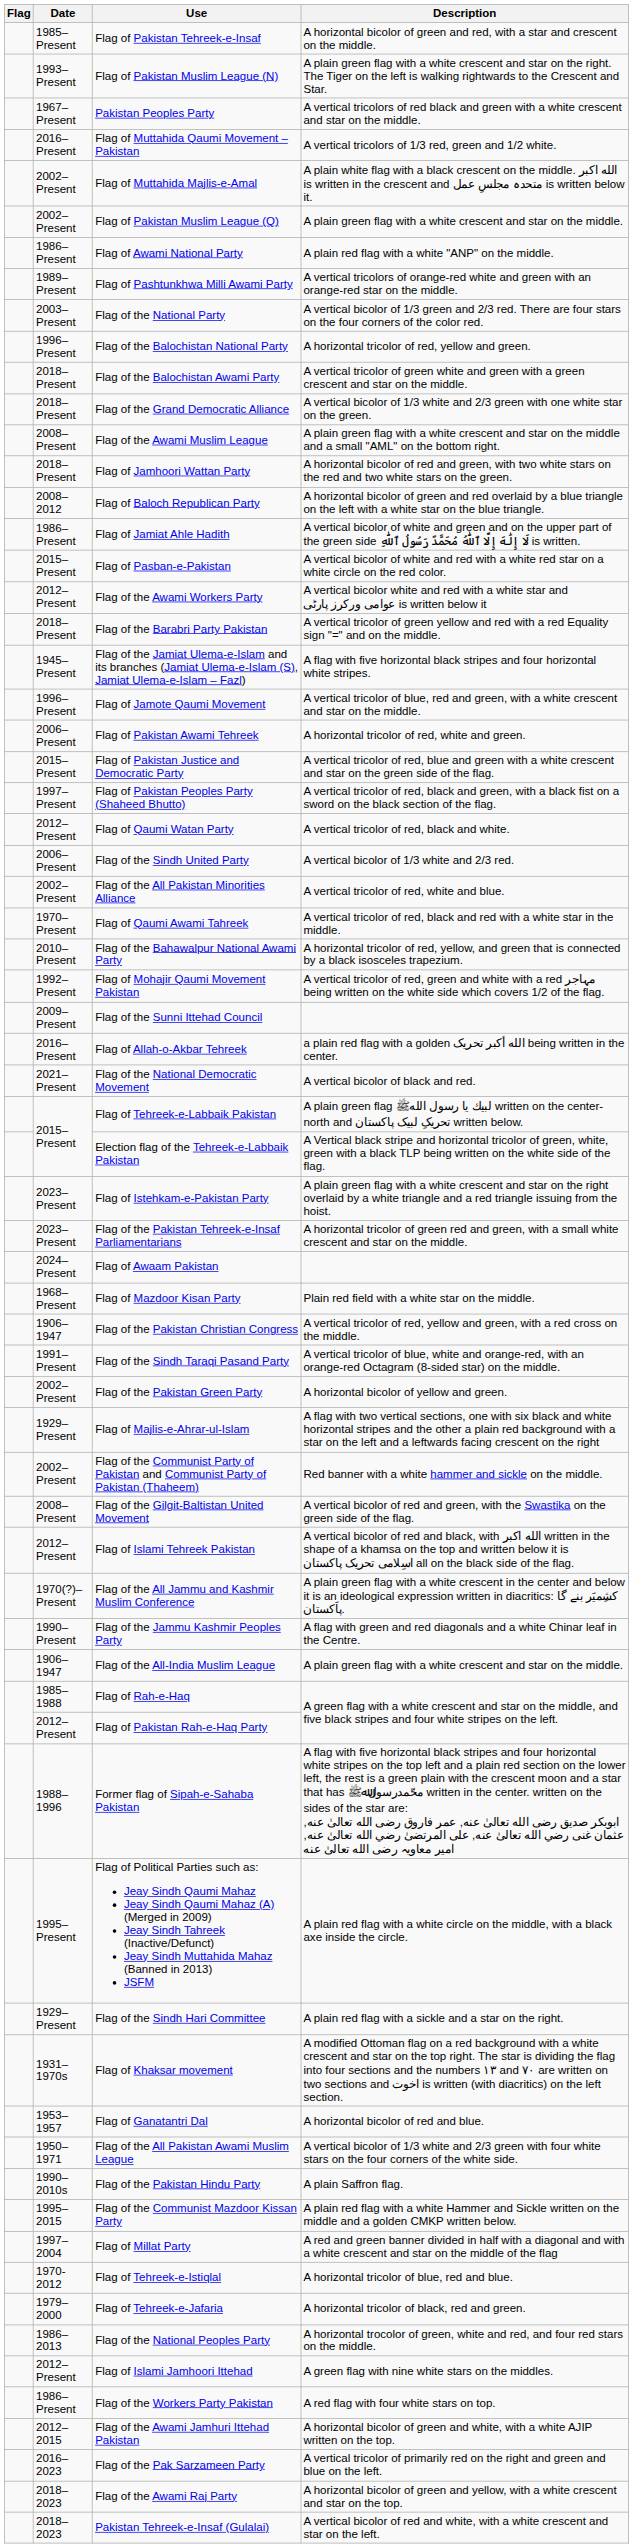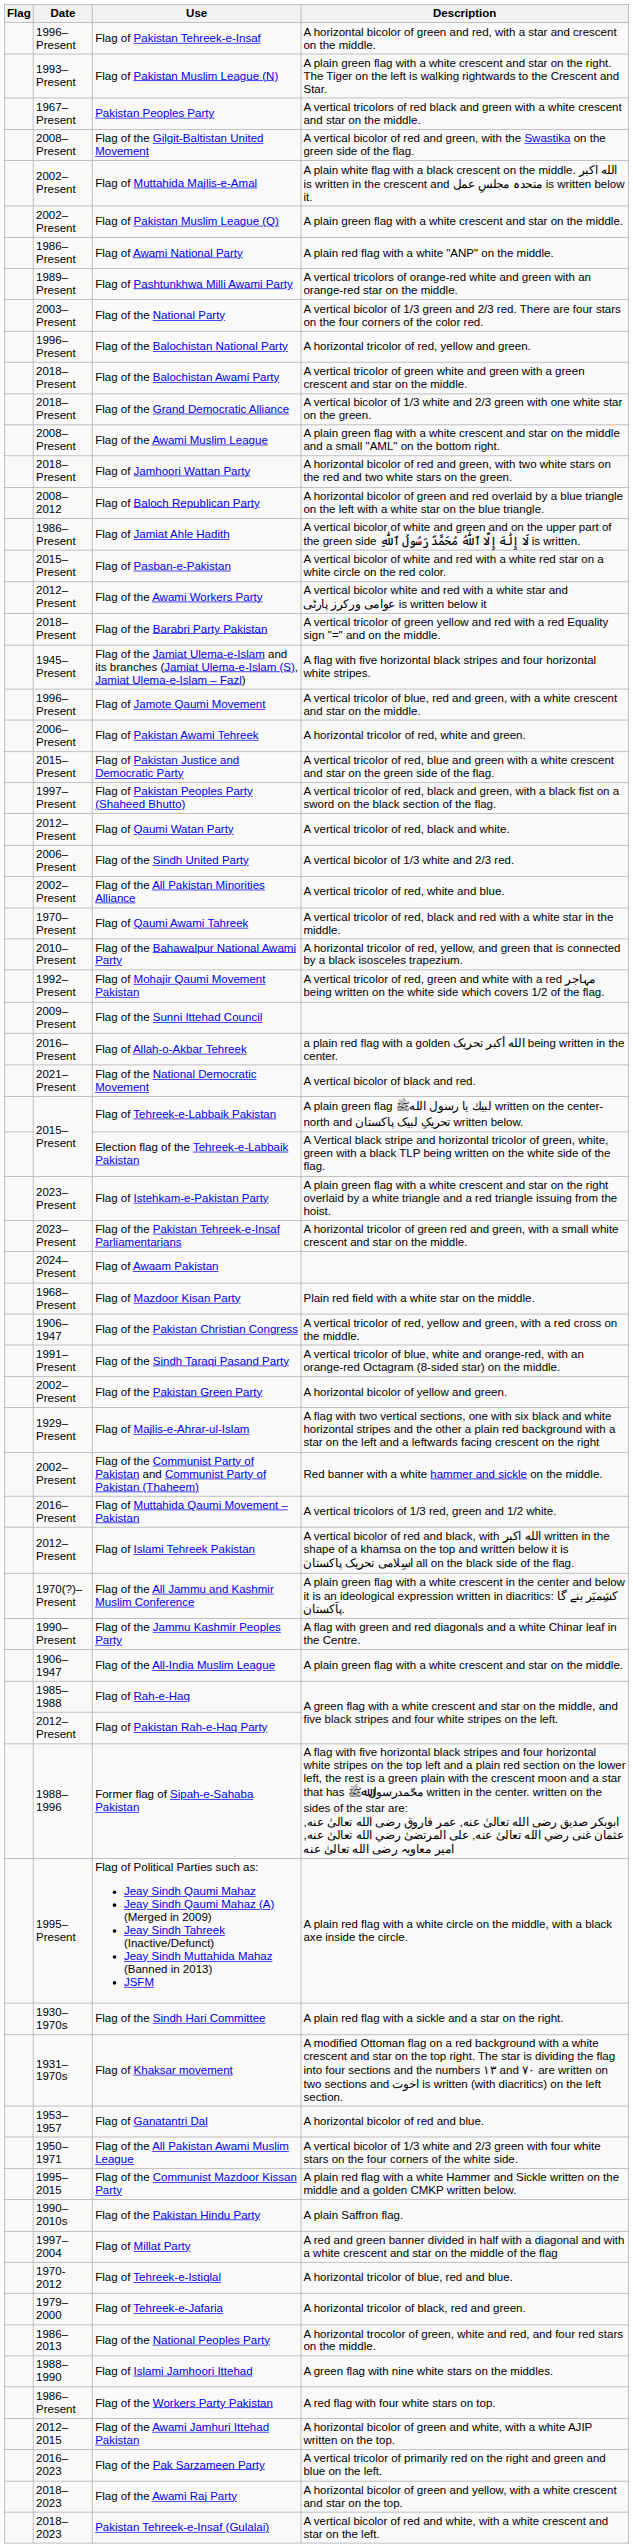 <table class="wikitable sortable">
 <tr>
 <th>Flag</th>
 <th>Date</th>
 <th>Use</th>
 <th>Description</th>
 </tr>
 <tr>
 <td></td>
-<td>1985–Present</td>
+<td>1996–Present</td>
 <td>Flag of <a href='#'>Pakistan Tehreek-e-Insaf</a></td>
 <td>A horizontal bicolor of green and red, with a star and crescent on the middle.</td>
 </tr>
 <tr>
 <td></td>
 <td>1993–Present</td>
 <td>Flag of <a href='#'>Pakistan Muslim League (N)</a></td>
 <td>A plain green flag with a white crescent and star on the right. The Tiger on the left is walking rightwards to the Crescent and Star.</td>
 </tr>
 <tr>
 <td></td>
 <td>1967–Present</td>
 <td><a href='#'>Pakistan Peoples Party</a></td>
 <td>A vertical tricolors of red black and green with a white crescent and star on the middle.</td>
 </tr>
 <tr>
 <td></td>
-<td>2016–Present</td>
-<td>Flag of <a href='#'>Muttahida Qaumi Movement – Pakistan</a></td>
-<td>A vertical tricolors of 1/3 red, green and 1/2 white.</td>
+<td>2008–Present</td>
+<td>Flag of the <a href='#'>Gilgit-Baltistan United Movement</a></td>
+<td>A vertical bicolor of red and green, with the <a href='#'>Swastika</a> on the green side of the flag.</td>
 </tr>
 <tr>
 <td></td>
 <td>2002–Present</td>
 <td>Flag of <a href='#'>Muttahida Majlis-e-Amal</a></td>
 <td>A plain white flag with a black crescent on the middle. الله اكبر is written in the crescent and متحدہ مجلسِ عمل is written below it.</td>
 </tr>
 <tr>
 <td></td>
 <td>2002–Present</td>
 <td>Flag of <a href='#'>Pakistan Muslim League (Q)</a></td>
 <td>A plain green flag with a white crescent and star on the middle.</td>
 </tr>
 <tr>
 <td></td>
 <td>1986–Present</td>
 <td>Flag of <a href='#'>Awami National Party</a></td>
 <td>A plain red flag with a white "ANP" on the middle.</td>
 </tr>
 <tr>
 <td></td>
 <td>1989–Present</td>
 <td>Flag of <a href='#'>Pashtunkhwa Milli Awami Party</a></td>
 <td>A vertical tricolors of orange-red white and green with an orange-red star on the middle.</td>
 </tr>
 <tr>
 <td></td>
 <td>2003–Present</td>
 <td>Flag of the <a href='#'>National Party</a></td>
 <td>A vertical bicolor of 1/3 green and 2/3 red. There are four stars on the four corners of the color red.</td>
 </tr>
 <tr>
 <td></td>
 <td>1996–Present</td>
 <td>Flag of the <a href='#'>Balochistan National Party</a></td>
 <td>A horizontal tricolor of red, yellow and green.</td>
 </tr>
 <tr>
 <td></td>
 <td>2018–Present</td>
 <td>Flag of the <a href='#'>Balochistan Awami Party</a></td>
 <td>A vertical tricolor of green white and green with a green crescent and star on the middle.</td>
 </tr>
 <tr>
 <td></td>
 <td>2018–Present</td>
 <td>Flag of the <a href='#'>Grand Democratic Alliance</a></td>
 <td>A vertical bicolor of 1/3 white and 2/3 green with one white star on the green.</td>
 </tr>
 <tr>
 <td></td>
 <td>2008–Present</td>
 <td>Flag of the <a href='#'>Awami Muslim League</a></td>
 <td>A plain green flag with a white crescent and star on the middle and a small "AML" on the bottom right.</td>
 </tr>
 <tr>
 <td></td>
 <td>2018–Present</td>
 <td>Flag of <a href='#'>Jamhoori Wattan Party</a></td>
 <td>A horizontal bicolor of red and green, with two white stars on the red and two white stars on the green.</td>
 </tr>
 <tr>
 <td></td>
 <td>2008–2012</td>
 <td>Flag of <a href='#'>Baloch Republican Party</a></td>
 <td>A horizontal bicolor of green and red overlaid by a blue triangle on the left with a white star on the blue triangle.</td>
 </tr>
 <tr>
 <td></td>
 <td>1986–Present</td>
 <td>Flag of <a href='#'>Jamiat Ahle Hadith</a></td>
 <td>A vertical bicolor of white and green and on the upper part of the green side لَا إِلَٰهَ إِلَّا ٱللَّٰهُ مُحَمَّدٌ رَسُولُ ٱللَّٰهِ‎ is written.</td>
 </tr>
 <tr>
 <td></td>
 <td>2015–Present</td>
 <td>Flag of <a href='#'>Pasban-e-Pakistan</a></td>
 <td>A vertical bicolor of white and red with a white red star on a white circle on the red color.</td>
 </tr>
 <tr>
 <td></td>
 <td>2012–Present</td>
 <td>Flag of the <a href='#'>Awami Workers Party</a></td>
 <td>A vertical bicolor white and red with a white star and<br>عوامی ورکرز پارٹی is written below it</td>
 </tr>
 <tr>
 <td></td>
 <td>2018–Present</td>
 <td>Flag of the <a href='#'>Barabri Party Pakistan</a></td>
 <td>A vertical tricolor of green yellow and red with a red Equality sign "=" and on the middle.</td>
 </tr>
 <tr>
 <td></td>
 <td>1945–Present</td>
 <td>Flag of the <a href='#'>Jamiat Ulema-e-Islam</a> and its branches (<a href='#'>Jamiat Ulema-e-Islam (S)</a>, <a href='#'>Jamiat Ulema-e-Islam – Fazl</a>)</td>
 <td>A flag with five horizontal black stripes and four horizontal white stripes.</td>
 </tr>
 <tr>
 <td></td>
 <td>1996–Present</td>
 <td>Flag of <a href='#'>Jamote Qaumi Movement</a></td>
 <td>A vertical tricolor of blue, red and green, with a white crescent and star on the middle.</td>
 </tr>
 <tr>
 <td></td>
 <td>2006–Present</td>
 <td>Flag of <a href='#'>Pakistan Awami Tehreek</a></td>
 <td>A horizontal tricolor of red, white and green.</td>
 </tr>
 <tr>
 <td></td>
 <td>2015–Present</td>
 <td>Flag of <a href='#'>Pakistan Justice and Democratic Party</a></td>
 <td>A vertical tricolor of red, blue and green with a white crescent and star on the green side of the flag.</td>
 </tr>
 <tr>
 <td></td>
 <td>1997–Present</td>
 <td>Flag of <a href='#'>Pakistan Peoples Party (Shaheed Bhutto)</a></td>
 <td>A vertical tricolor of red, black and green, with a black fist on a sword on the black section of the flag.</td>
 </tr>
 <tr>
 <td></td>
 <td>2012–Present</td>
 <td>Flag of <a href='#'>Qaumi Watan Party</a></td>
 <td>A vertical tricolor of red, black and white.</td>
 </tr>
 <tr>
 <td></td>
 <td>2006–Present</td>
 <td>Flag of the <a href='#'>Sindh United Party</a></td>
 <td>A vertical bicolor of 1/3 white and 2/3 red.</td>
 </tr>
 <tr>
 <td></td>
 <td>2002–Present</td>
 <td>Flag of the <a href='#'>All Pakistan Minorities Alliance</a></td>
 <td>A vertical tricolor of red, white and blue.</td>
 </tr>
 <tr>
 <td></td>
 <td>1970–Present</td>
 <td>Flag of <a href='#'>Qaumi Awami Tahreek</a></td>
 <td>A vertical tricolor of red, black and red with a white star in the middle.</td>
 </tr>
 <tr>
 <td></td>
 <td>2010–Present</td>
 <td>Flag of the <a href='#'>Bahawalpur National Awami Party</a></td>
 <td>A horizontal tricolor of red, yellow, and green that is connected by a black isosceles trapezium.</td>
 </tr>
 <tr>
 <td></td>
 <td>1992–Present</td>
 <td>Flag of <a href='#'>Mohajir Qaumi Movement Pakistan</a></td>
 <td>A vertical tricolor of red, green and white with a red مہاجر being written on the white side which covers 1/2 of the flag.</td>
 </tr>
 <tr>
 <td></td>
 <td>2009–Present</td>
 <td>Flag of the <a href='#'>Sunni Ittehad Council</a></td>
 <td></td>
 </tr>
 <tr>
 <td></td>
 <td>2016–Present</td>
 <td>Flag of <a href='#'>Allah-o-Akbar Tehreek</a></td>
 <td>a plain red flag with a golden الله أكبر تحریک being written in the center.</td>
 </tr>
 <tr>
 <td></td>
 <td>2021–Present</td>
 <td>Flag of the <a href='#'>National Democratic Movement</a></td>
 <td>A vertical bicolor of black and red.</td>
 </tr>
 <tr>
 <td></td>
 <td rowspan="2">2015–Present</td>
 <td>Flag of <a href='#'>Tehreek-e-Labbaik Pakistan</a></td>
 <td>A plain green flag لبيك يا رسول اللهﷺ written on the center-north and تحریکِ لبیک پاکستان written below.</td>
 </tr>
 <tr>
 <td></td>
 <td>Election flag of the <a href='#'>Tehreek-e-Labbaik Pakistan</a></td>
 <td>A Vertical black stripe and horizontal tricolor of green, white, green with a black TLP being written on the white side of the flag.</td>
 </tr>
 <tr>
 <td></td>
 <td>2023–Present</td>
 <td>Flag of <a href='#'>Istehkam-e-Pakistan Party</a></td>
 <td>A plain green flag with a white crescent and star on the right overlaid by a white triangle and a red triangle issuing from the hoist.</td>
 </tr>
 <tr>
 <td></td>
 <td>2023–Present</td>
 <td>Flag of the <a href='#'>Pakistan Tehreek-e-Insaf Parliamentarians</a></td>
 <td>A horizontal tricolor of green red and green, with a small white crescent and star on the middle.</td>
 </tr>
 <tr>
 <td></td>
 <td>2024–Present</td>
 <td>Flag of <a href='#'>Awaam Pakistan</a></td>
 <td></td>
 </tr>
 <tr>
 <td></td>
 <td>1968–Present</td>
 <td>Flag of <a href='#'>Mazdoor Kisan Party</a></td>
 <td>Plain red field with a white star on the middle.</td>
 </tr>
 <tr>
 <td></td>
 <td>1906–1947</td>
 <td>Flag of the <a href='#'>Pakistan Christian Congress</a></td>
 <td>A vertical tricolor of red, yellow and green, with a red cross on the middle.</td>
 </tr>
 <tr>
 <td></td>
 <td>1991–Present</td>
 <td>Flag of the <a href='#'>Sindh Taraqi Pasand Party</a></td>
 <td>A vertical tricolor of blue, white and orange-red, with an orange-red Octagram (8-sided star) on the middle.</td>
 </tr>
 <tr>
 <td></td>
 <td>2002–Present</td>
 <td>Flag of the <a href='#'>Pakistan Green Party</a></td>
 <td>A horizontal bicolor of yellow and green.</td>
 </tr>
 <tr>
 <td></td>
 <td>1929–Present</td>
 <td>Flag of <a href='#'>Majlis-e-Ahrar-ul-Islam</a></td>
 <td>A flag with two vertical sections, one with six black and white horizontal stripes and the other a plain red background with a star on the left and a leftwards facing crescent on the right</td>
 </tr>
 <tr>
 <td></td>
 <td>2002–Present</td>
 <td>Flag of the <a href='#'>Communist Party of Pakistan</a> and <a href='#'>Communist Party of Pakistan (Thaheem)</a></td>
 <td>Red banner with a white <a href='#'>hammer and sickle</a> on the middle.</td>
 </tr>
 <tr>
 <td></td>
-<td>2008–Present</td>
-<td>Flag of the <a href='#'>Gilgit-Baltistan United Movement</a></td>
-<td>A vertical bicolor of red and green, with the <a href='#'>Swastika</a> on the green side of the flag.</td>
+<td>2016–Present</td>
+<td>Flag of <a href='#'>Muttahida Qaumi Movement – Pakistan</a></td>
+<td>A vertical tricolors of 1/3 red, green and 1/2 white.</td>
 </tr>
 <tr>
 <td></td>
 <td>2012–Present</td>
 <td>Flag of <a href='#'>Islami Tehreek Pakistan</a></td>
 <td>A vertical bicolor of red and black, with الله اکبر written in the shape of a khamsa on the top and written below it is<br>اسِلامی تحریک پاکستان all on the black side of the flag.</td>
 </tr>
 <tr>
 <td></td>
 <td>1970(?)–Present</td>
 <td>Flag of the <a href='#'>All Jammu and Kashmir Muslim Conference</a></td>
 <td>A plain green flag with a white crescent in the center and below it is an ideological expression written in diacritics: کشِمیَر بنے گا پاَکستان.</td>
 </tr>
 <tr>
 <td></td>
 <td>1990–Present</td>
 <td>Flag of the <a href='#'>Jammu Kashmir Peoples Party</a></td>
 <td>A flag with green and red diagonals and a white Chinar leaf in the Centre.</td>
 </tr>
 <tr>
 <td></td>
 <td>1906–1947</td>
 <td>Flag of the <a href='#'>All-India Muslim League</a></td>
 <td>A plain green flag with a white crescent and star on the middle.</td>
 </tr>
 <tr>
 <td rowspan="2"></td>
 <td>1985–1988</td>
 <td>Flag of <a href='#'>Rah-e-Haq</a></td>
 <td rowspan="2">A green flag with a white crescent and star on the middle, and five black stripes and four white stripes on the left.</td>
 </tr>
 <tr>
 <td>2012–Present</td>
 <td>Flag of <a href='#'>Pakistan Rah-e-Haq Party</a></td>
 </tr>
 <tr>
 <td></td>
 <td>1988–1996</td>
 <td>Former flag of <a href='#'>Sipah-e-Sahaba Pakistan</a></td>
 <td>A flag with five horizontal black stripes and four horizontal white stripes on the top left and a plain red section on the lower left, the rest is a green plain with the crescent moon and a star that has محّمدرسولﷲﷺ written in the center. written on the sides of the star are:<br>ابوبکر صدیق رضی الله تعالیٰ عنه, عمر فاروق رضی الله تعالیٰ عنه, عثمان غنی رضي الله تعالیٰ عنه, علی المرتضیٰ رضي الله تعالیٰ عنه, امیر معاویہ رضی الله تعالیٰ عنه</td>
 </tr>
 <tr>
 <td></td>
 <td>1995–Present</td>
 <td>Flag of Political Parties such as:<br><ul><li><a href='#'>Jeay Sindh Qaumi Mahaz</a></li><li><a href='#'>Jeay Sindh Qaumi Mahaz (A)</a> (Merged in 2009)</li><li><a href='#'>Jeay Sindh Tahreek</a> (Inactive/Defunct)</li><li><a href='#'>Jeay Sindh Muttahida Mahaz</a> (Banned in 2013)</li><li><a href='#'>JSFM</a></li></ul></td>
 <td>A plain red flag with a white circle on the middle, with a black axe inside the circle.</td>
 </tr>
 <tr>
 <td></td>
-<td>1929–Present</td>
+<td>1930–1970s</td>
 <td>Flag of the <a href='#'>Sindh Hari Committee</a></td>
 <td>A plain red flag with a sickle and a star on the right.</td>
 </tr>
 <tr>
 <td></td>
 <td>1931–1970s</td>
 <td>Flag of <a href='#'>Khaksar movement</a></td>
 <td>A modified Ottoman flag on a red background with a white crescent and star on the top right. The star is dividing the flag into four sections and the numbers ۱۳ and ۷۰ are written on two sections and اخوت is written (with diacritics) on the left section.</td>
 </tr>
 <tr>
 <td></td>
 <td>1953–1957</td>
 <td>Flag of <a href='#'>Ganatantri Dal</a></td>
 <td>A horizontal bicolor of red and blue.</td>
 </tr>
 <tr>
 <td></td>
 <td>1950–1971</td>
 <td>Flag of the <a href='#'>All Pakistan Awami Muslim League</a></td>
 <td>A vertical bicolor of 1/3 white and 2/3 green with four white stars on the four corners of the white side.</td>
 </tr>
 <tr>
 <td></td>
+<td>1995–2015</td>
+<td>Flag of the <a href='#'>Communist Mazdoor Kissan Party</a></td>
+<td>A plain red flag with a white Hammer and Sickle written on the middle and a golden CMKP written below.</td>
+</tr>
+<tr>
+<td></td>
 <td>1990–2010s</td>
 <td>Flag of the <a href='#'>Pakistan Hindu Party</a></td>
 <td>A plain Saffron flag.</td>
-</tr>
-<tr>
-<td></td>
-<td>1995–2015</td>
-<td>Flag of the <a href='#'>Communist Mazdoor Kissan Party</a></td>
-<td>A plain red flag with a white Hammer and Sickle written on the middle and a golden CMKP written below.</td>
 </tr>
 <tr>
 <td></td>
 <td>1997–2004</td>
 <td>Flag of <a href='#'>Millat Party</a></td>
 <td>A red and green banner divided in half with a diagonal and with a white crescent and star on the middle of the flag</td>
 </tr>
 <tr>
 <td></td>
 <td>1970-2012</td>
 <td>Flag of <a href='#'>Tehreek-e-Istiqlal</a></td>
 <td>A horizontal tricolor of blue, red and blue.</td>
 </tr>
 <tr>
 <td></td>
 <td>1979–2000</td>
 <td>Flag of <a href='#'>Tehreek-e-Jafaria</a></td>
 <td>A horizontal tricolor of black, red and green.</td>
 </tr>
 <tr>
 <td></td>
 <td>1986–2013</td>
 <td>Flag of the <a href='#'>National Peoples Party</a></td>
 <td>A horizontal trocolor of green, white and red, and four red stars on the middle.</td>
 </tr>
 <tr>
 <td></td>
-<td>2012–Present</td>
+<td>1988–1990</td>
 <td>Flag of <a href='#'>Islami Jamhoori Ittehad</a></td>
 <td>A green flag with nine white stars on the middles.</td>
 </tr>
 <tr>
 <td></td>
 <td>1986–Present</td>
 <td>Flag of the <a href='#'>Workers Party Pakistan</a></td>
 <td>A red flag with four white stars on top.</td>
 </tr>
 <tr>
 <td></td>
 <td>2012–2015</td>
 <td>Flag of the <a href='#'>Awami Jamhuri Ittehad Pakistan</a></td>
 <td>A horizontal bicolor of green and white, with a white AJIP written on the top.</td>
 </tr>
 <tr>
 <td></td>
 <td>2016–2023</td>
 <td>Flag of the <a href='#'>Pak Sarzameen Party</a></td>
 <td>A vertical tricolor of primarily red on the right and green and blue on the left.</td>
 </tr>
 <tr>
 <td></td>
 <td>2018–2023</td>
 <td>Flag of the <a href='#'>Awami Raj Party</a></td>
 <td>A horizontal bicolor of green and yellow, with a white crescent and star on the top.</td>
 </tr>
 <tr>
 <td></td>
 <td>2018–2023</td>
 <td><a href='#'>Pakistan Tehreek-e-Insaf (Gulalai)</a></td>
 <td>A vertical bicolor of red and white, with a white crescent and star on the left.</td>
 </tr>
 </table>
